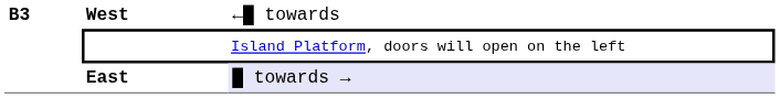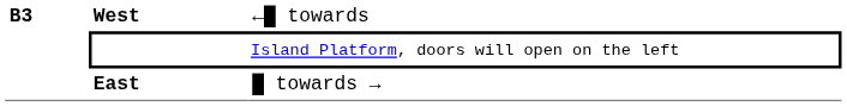 <table table border=0 cellspacing=0 cellpadding=3>
 <tr>
 <td style="border-top:solid 0px gray;border-bottom:solid 1px gray;" width=50 rowspan=3 valign=top><strong>B3</strong></td>
 <td style="border-top:solid 0px gray;" width=100><strong>West</strong></td>
 <td style="border-top:solid 0px gray;" width=390>←<span>█</span> towards </td>
 </tr>
 <tr>
 <td style="border-top:solid 2px black;border-right:solid 2px black;border-left:solid 2px black;border-bottom:solid 2px black;text-align:center;" colspan=2><small><a href='#'>Island Platform</a>, doors will open on the left</small></td>
 </tr>
 <tr>
 <td style="border-bottom:solid 1px gray;"><strong>East</strong></td>
-<td style="background: lavender; border-bottom:solid 1px gray;"><span>█</span> towards →</td>
+<td style="border-bottom:solid 1px gray;"><span>█</span> towards →</td>
 </tr>
 </table>
